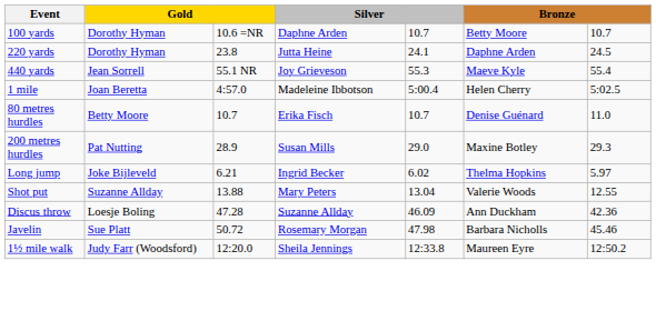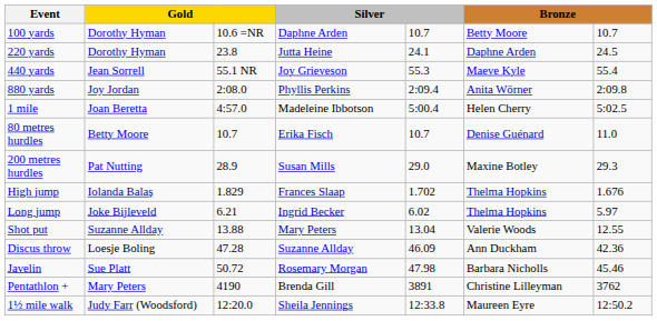 <table class="wikitable" style="text-align:left">
 <tr>
 <th width=100>Event</th>
 <th colspan="2" width="280" style="background:gold;">Gold</th>
 <th colspan="2" width="280" style="background:silver;">Silver</th>
 <th colspan="2" width="280" style="background:#CD7F32;">Bronze</th>
 </tr>
 <tr>
 <td><a href='#'>100 yards</a></td>
 <td><a href='#'>Dorothy Hyman</a></td>
 <td>10.6 =NR</td>
 <td><a href='#'>Daphne Arden</a></td>
 <td>10.7</td>
 <td> <a href='#'>Betty Moore</a></td>
 <td>10.7</td>
 </tr>
 <tr>
 <td><a href='#'>220 yards</a></td>
 <td><a href='#'>Dorothy Hyman</a></td>
 <td>23.8</td>
 <td> <a href='#'>Jutta Heine</a></td>
 <td>24.1</td>
 <td><a href='#'>Daphne Arden</a></td>
 <td>24.5</td>
 </tr>
 <tr>
 <td><a href='#'>440 yards</a></td>
 <td><a href='#'>Jean Sorrell</a></td>
 <td>55.1 NR</td>
 <td><a href='#'>Joy Grieveson</a></td>
 <td>55.3</td>
 <td> <a href='#'>Maeve Kyle</a></td>
 <td>55.4</td>
 </tr>
 <tr>
+<td><a href='#'>880 yards</a></td>
+<td><a href='#'>Joy Jordan</a></td>
+<td>2:08.0</td>
+<td><a href='#'>Phyllis Perkins</a></td>
+<td>2:09.4</td>
+<td> <a href='#'>Anita Wörner</a></td>
+<td>2:09.8</td>
+</tr>
+<tr>
 <td><a href='#'>1 mile</a></td>
 <td> <a href='#'>Joan Beretta</a></td>
 <td>4:57.0</td>
 <td>Madeleine Ibbotson</td>
 <td>5:00.4</td>
 <td> Helen Cherry</td>
 <td>5:02.5</td>
 </tr>
 <tr>
 <td><a href='#'>80 metres hurdles</a></td>
 <td> <a href='#'>Betty Moore</a></td>
 <td>10.7</td>
 <td> <a href='#'>Erika Fisch</a></td>
 <td>10.7</td>
 <td> <a href='#'>Denise Guénard</a></td>
 <td>11.0</td>
 </tr>
 <tr>
 <td><a href='#'>200 metres hurdles</a></td>
 <td><a href='#'>Pat Nutting</a></td>
 <td>28.9</td>
 <td><a href='#'>Susan Mills</a></td>
 <td>29.0</td>
 <td>Maxine Botley</td>
 <td>29.3</td>
+</tr>
+<tr>
+<td><a href='#'>High jump</a></td>
+<td> <a href='#'>Iolanda Balaș</a></td>
+<td>1.829</td>
+<td><a href='#'>Frances Slaap</a></td>
+<td>1.702</td>
+<td><a href='#'>Thelma Hopkins</a></td>
+<td>1.676</td>
 </tr>
 <tr>
 <td><a href='#'>Long jump</a></td>
 <td> <a href='#'>Joke Bijleveld</a></td>
 <td>6.21</td>
 <td> <a href='#'>Ingrid Becker</a></td>
 <td>6.02</td>
 <td><a href='#'>Thelma Hopkins</a></td>
 <td>5.97</td>
 </tr>
 <tr>
 <td><a href='#'>Shot put</a></td>
 <td><a href='#'>Suzanne Allday</a></td>
 <td>13.88</td>
 <td> <a href='#'>Mary Peters</a></td>
 <td>13.04</td>
 <td>Valerie Woods</td>
 <td>12.55</td>
 </tr>
 <tr>
 <td><a href='#'>Discus throw</a></td>
 <td> Loesje Boling</td>
 <td>47.28</td>
 <td><a href='#'>Suzanne Allday</a></td>
 <td>46.09</td>
 <td>Ann Duckham</td>
 <td>42.36</td>
 </tr>
 <tr>
 <td><a href='#'>Javelin</a></td>
 <td><a href='#'>Sue Platt</a></td>
 <td>50.72</td>
 <td><a href='#'>Rosemary Morgan</a></td>
 <td>47.98</td>
 <td>Barbara Nicholls</td>
 <td>45.46</td>
 </tr>
 <tr>
+<td><a href='#'>Pentathlon</a> +</td>
+<td> <a href='#'>Mary Peters</a></td>
+<td>4190</td>
+<td>Brenda Gill</td>
+<td>3891</td>
+<td>Christine Lilleyman</td>
+<td>3762</td>
+</tr>
+<tr>
 <td><a href='#'>1½ mile walk</a></td>
 <td><a href='#'>Judy Farr</a> (Woodsford)</td>
 <td>12:20.0</td>
 <td><a href='#'>Sheila Jennings</a></td>
 <td>12:33.8</td>
 <td>Maureen Eyre</td>
 <td>12:50.2</td>
 </tr>
 </table>
